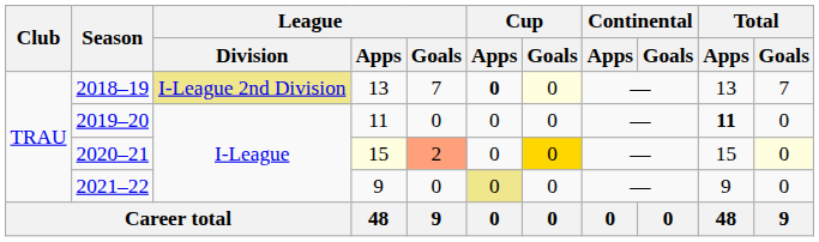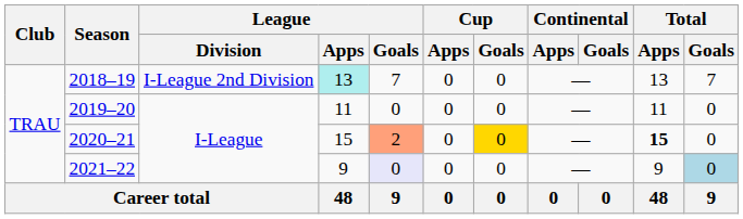 <table class="wikitable" style="text-align:center">
 <tr>
 <th rowspan="2">Club</th>
 <th rowspan="2">Season</th>
 <th colspan="3">League</th>
 <th colspan="2">Cup</th>
 <th colspan="2">Continental</th>
 <th colspan="2">Total</th>
 </tr>
 <tr>
 <th>Division</th>
 <th>Apps</th>
 <th>Goals</th>
 <th>Apps</th>
 <th>Goals</th>
 <th>Apps</th>
 <th>Goals</th>
 <th>Apps</th>
 <th>Goals</th>
 </tr>
 <tr>
 <td rowspan="4"><a href='#'>TRAU</a></td>
 <td><a href='#'>2018–19</a></td>
-<td rowspan="1" style="background: khaki;"><a href='#'>I-League 2nd Division</a></td>
-<td>13</td>
+<td rowspan="1"><a href='#'>I-League 2nd Division</a></td>
+<td style="background: paleturquoise;">13</td>
 <td>7</td>
-<td><strong>0</strong></td>
-<td style="background: lightyellow;">0</td>
+<td>0</td>
+<td>0</td>
 <td colspan="2">—</td>
 <td>13</td>
 <td>7</td>
 </tr>
 <tr>
 <td><a href='#'>2019–20</a></td>
 <td rowspan="3"><a href='#'>I-League</a></td>
 <td>11</td>
 <td>0</td>
 <td>0</td>
 <td>0</td>
 <td colspan="2">—</td>
-<td><strong>11</strong></td>
+<td>11</td>
 <td>0</td>
 </tr>
 <tr>
 <td><a href='#'>2020–21</a></td>
-<td style="background: lightyellow;">15</td>
+<td>15</td>
 <td style="background: lightsalmon;">2</td>
 <td>0</td>
 <td style="background: gold;">0</td>
 <td colspan="2">—</td>
-<td>15</td>
-<td style="background: lightyellow;">0</td>
+<td><strong>15</strong></td>
+<td>0</td>
 </tr>
 <tr>
 <td><a href='#'>2021–22</a></td>
 <td>9</td>
+<td style="background: lavender;">0</td>
 <td>0</td>
-<td style="background: khaki;">0</td>
 <td>0</td>
 <td colspan="2">—</td>
 <td>9</td>
-<td>0</td>
+<td style="background: lightblue;">0</td>
 </tr>
 <tr>
 <th colspan="3">Career total</th>
 <th>48</th>
 <th>9</th>
 <th>0</th>
 <th>0</th>
 <th>0</th>
 <th>0</th>
 <th>48</th>
 <th>9</th>
 </tr>
 </table>
